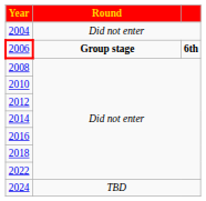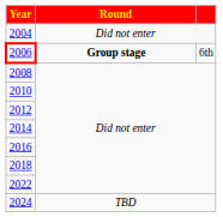 <table class="wikitable" style="text-align: center; font-size:90%">
 <tr style="color:gold;">
 <th style="background:#FF0000;">Year</th>
 <th style="background:#FF0000; width:200px">Round</th>
 <th style="background:#FF0000;"></th>
 </tr>
 <tr>
 <td><a href='#'>2004</a></td>
 <td colspan="2"><em>Did not enter</em></td>
 </tr>
 <tr>
 <td style="border: 3px solid red"><a href='#'>2006</a></td>
 <td><strong>Group stage</strong></td>
-<td><strong>6th</strong></td>
+<td>6th</td>
 </tr>
 <tr>
 <td><a href='#'>2008</a></td>
 <td colspan="2" rowspan="7"><em>Did not enter</em></td>
 </tr>
 <tr>
 <td><a href='#'>2010</a></td>
 </tr>
 <tr>
 <td><a href='#'>2012</a></td>
 </tr>
 <tr>
 <td><a href='#'>2014</a></td>
 </tr>
 <tr>
 <td><a href='#'>2016</a></td>
 </tr>
 <tr>
 <td><a href='#'>2018</a></td>
 </tr>
 <tr>
 <td><a href='#'>2022</a></td>
 </tr>
 <tr>
 <td><a href='#'>2024</a></td>
 <td colspan="2"><em>TBD</em></td>
 </tr>
 </table>
